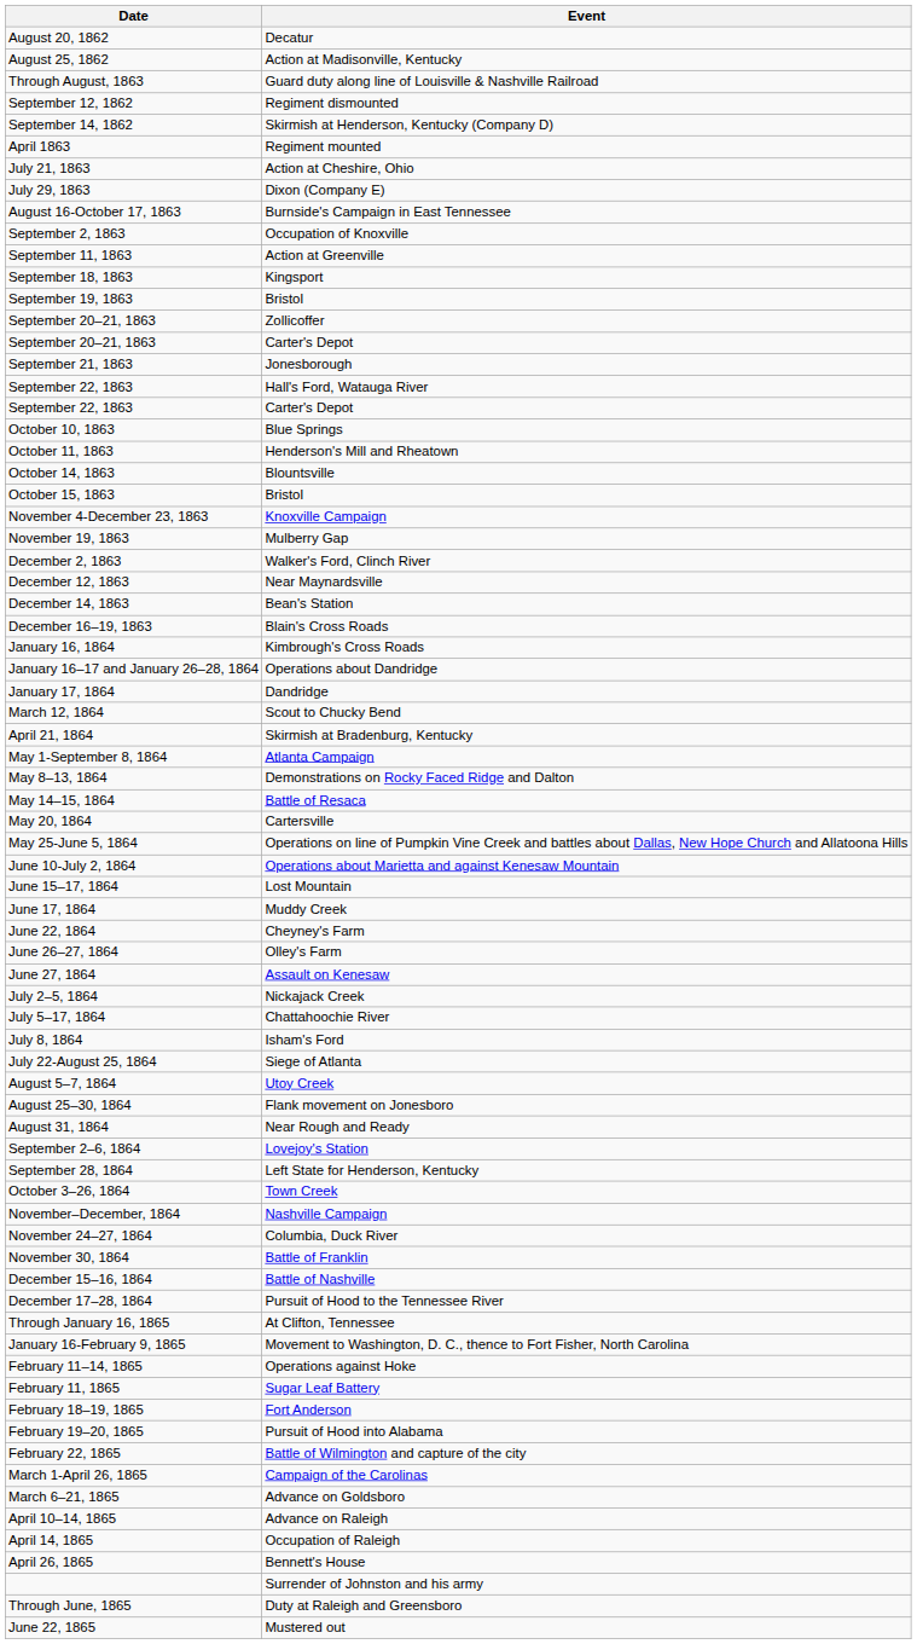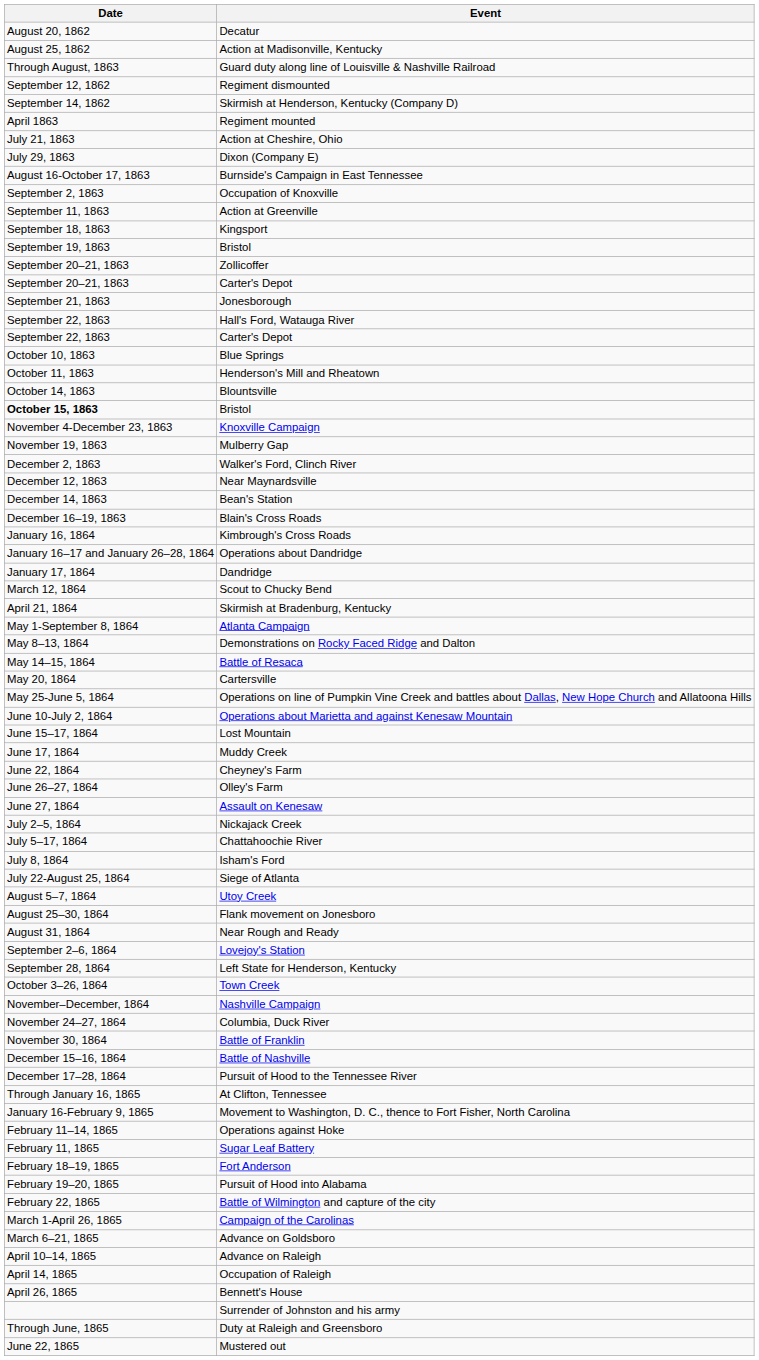 <table class="wikitable">
 <tr>
 <th>Date</th>
 <th>Event</th>
 </tr>
 <tr>
 <td>August 20, 1862</td>
 <td>Decatur</td>
 </tr>
 <tr>
 <td>August 25, 1862</td>
 <td>Action at Madisonville, Kentucky</td>
 </tr>
 <tr>
 <td>Through August, 1863</td>
 <td>Guard duty along line of Louisville & Nashville Railroad</td>
 </tr>
 <tr>
 <td>September 12, 1862</td>
 <td>Regiment dismounted</td>
 </tr>
 <tr>
 <td>September 14, 1862</td>
 <td>Skirmish at Henderson, Kentucky (Company D)</td>
 </tr>
 <tr>
 <td>April  1863</td>
 <td>Regiment mounted</td>
 </tr>
 <tr>
 <td>July 21, 1863</td>
 <td>Action at Cheshire, Ohio</td>
 </tr>
 <tr>
 <td>July 29, 1863</td>
 <td>Dixon (Company E)</td>
 </tr>
 <tr>
 <td>August 16-October 17, 1863</td>
 <td>Burnside's Campaign in East Tennessee</td>
 </tr>
 <tr>
 <td>September 2, 1863</td>
 <td>Occupation of Knoxville</td>
 </tr>
 <tr>
 <td>September 11, 1863</td>
 <td>Action at Greenville</td>
 </tr>
 <tr>
 <td>September 18, 1863</td>
 <td>Kingsport</td>
 </tr>
 <tr>
 <td>September 19, 1863</td>
 <td>Bristol</td>
 </tr>
 <tr>
 <td>September 20–21, 1863</td>
 <td>Zollicoffer</td>
 </tr>
 <tr>
 <td>September 20–21, 1863</td>
 <td>Carter's Depot</td>
 </tr>
 <tr>
 <td>September 21, 1863</td>
 <td>Jonesborough</td>
 </tr>
 <tr>
 <td>September 22, 1863</td>
 <td>Hall's Ford, Watauga River</td>
 </tr>
 <tr>
 <td>September 22, 1863</td>
 <td>Carter's Depot</td>
 </tr>
 <tr>
 <td>October 10, 1863</td>
 <td>Blue Springs</td>
 </tr>
 <tr>
 <td>October 11, 1863</td>
 <td>Henderson's Mill and Rheatown</td>
 </tr>
 <tr>
 <td>October 14, 1863</td>
 <td>Blountsville</td>
 </tr>
 <tr>
-<td>October 15, 1863</td>
+<td><strong>October 15, 1863</strong></td>
 <td>Bristol</td>
 </tr>
 <tr>
 <td>November 4-December 23, 1863</td>
 <td><a href='#'>Knoxville Campaign</a></td>
 </tr>
 <tr>
 <td>November 19, 1863</td>
 <td>Mulberry Gap</td>
 </tr>
 <tr>
 <td>December 2, 1863</td>
 <td>Walker's Ford, Clinch River</td>
 </tr>
 <tr>
 <td>December 12, 1863</td>
 <td>Near Maynardsville</td>
 </tr>
 <tr>
 <td>December 14, 1863</td>
 <td>Bean's Station</td>
 </tr>
 <tr>
 <td>December 16–19, 1863</td>
 <td>Blain's Cross Roads</td>
 </tr>
 <tr>
 <td>January 16, 1864</td>
 <td>Kimbrough's Cross Roads</td>
 </tr>
 <tr>
 <td>January 16–17 and January 26–28, 1864</td>
 <td>Operations about Dandridge</td>
 </tr>
 <tr>
 <td>January 17, 1864</td>
 <td>Dandridge</td>
 </tr>
 <tr>
 <td>March 12, 1864</td>
 <td>Scout to Chucky Bend</td>
 </tr>
 <tr>
 <td>April 21, 1864</td>
 <td>Skirmish at Bradenburg, Kentucky</td>
 </tr>
 <tr>
 <td>May 1-September 8, 1864</td>
 <td><a href='#'>Atlanta Campaign</a></td>
 </tr>
 <tr>
 <td>May 8–13, 1864</td>
 <td>Demonstrations on <a href='#'>Rocky Faced Ridge</a> and Dalton</td>
 </tr>
 <tr>
 <td>May 14–15, 1864</td>
 <td><a href='#'>Battle of Resaca</a></td>
 </tr>
 <tr>
 <td>May 20, 1864</td>
 <td>Cartersville</td>
 </tr>
 <tr>
 <td>May 25-June 5, 1864</td>
 <td>Operations on line of Pumpkin Vine Creek and battles about <a href='#'>Dallas</a>, <a href='#'>New Hope Church</a> and Allatoona Hills</td>
 </tr>
 <tr>
 <td>June 10-July 2, 1864</td>
 <td><a href='#'>Operations about Marietta and against Kenesaw Mountain</a></td>
 </tr>
 <tr>
 <td>June 15–17, 1864</td>
 <td>Lost Mountain</td>
 </tr>
 <tr>
 <td>June 17, 1864</td>
 <td>Muddy Creek</td>
 </tr>
 <tr>
 <td>June 22, 1864</td>
 <td>Cheyney's Farm</td>
 </tr>
 <tr>
 <td>June 26–27, 1864</td>
 <td>Olley's Farm</td>
 </tr>
 <tr>
 <td>June 27, 1864</td>
 <td><a href='#'>Assault on Kenesaw</a></td>
 </tr>
 <tr>
 <td>July 2–5, 1864</td>
 <td>Nickajack Creek</td>
 </tr>
 <tr>
 <td>July 5–17, 1864</td>
 <td>Chattahoochie River</td>
 </tr>
 <tr>
 <td>July 8, 1864</td>
 <td>Isham's Ford</td>
 </tr>
 <tr>
 <td>July 22-August 25, 1864</td>
 <td>Siege of Atlanta</td>
 </tr>
 <tr>
 <td>August 5–7, 1864</td>
 <td><a href='#'>Utoy Creek</a></td>
 </tr>
 <tr>
 <td>August 25–30, 1864</td>
 <td>Flank movement on Jonesboro</td>
 </tr>
 <tr>
 <td>August 31, 1864</td>
 <td>Near Rough and Ready</td>
 </tr>
 <tr>
 <td>September 2–6, 1864</td>
 <td><a href='#'>Lovejoy's Station</a></td>
 </tr>
 <tr>
 <td>September 28, 1864</td>
 <td>Left State for Henderson, Kentucky</td>
 </tr>
 <tr>
 <td>October 3–26, 1864</td>
 <td><a href='#'>Town Creek</a></td>
 </tr>
 <tr>
 <td>November–December, 1864</td>
 <td><a href='#'>Nashville Campaign</a></td>
 </tr>
 <tr>
 <td>November 24–27, 1864</td>
 <td>Columbia, Duck River</td>
 </tr>
 <tr>
 <td>November 30, 1864</td>
 <td><a href='#'>Battle of Franklin</a></td>
 </tr>
 <tr>
 <td>December 15–16, 1864</td>
 <td><a href='#'>Battle of Nashville</a></td>
 </tr>
 <tr>
 <td>December 17–28, 1864</td>
 <td>Pursuit of Hood to the Tennessee River</td>
 </tr>
 <tr>
 <td>Through January 16, 1865</td>
 <td>At Clifton, Tennessee</td>
 </tr>
 <tr>
 <td>January 16-February 9, 1865</td>
 <td>Movement to Washington, D. C., thence to Fort Fisher, North Carolina</td>
 </tr>
 <tr>
 <td>February 11–14, 1865</td>
 <td>Operations against Hoke</td>
 </tr>
 <tr>
 <td>February 11, 1865</td>
 <td><a href='#'>Sugar Leaf Battery</a></td>
 </tr>
 <tr>
 <td>February 18–19, 1865</td>
 <td><a href='#'>Fort Anderson</a></td>
 </tr>
 <tr>
 <td>February 19–20, 1865</td>
 <td>Pursuit of Hood into Alabama</td>
 </tr>
 <tr>
 <td>February 22, 1865</td>
 <td><a href='#'>Battle of Wilmington</a> and capture of the city</td>
 </tr>
 <tr>
 <td>March 1-April 26, 1865</td>
 <td><a href='#'>Campaign of the Carolinas</a></td>
 </tr>
 <tr>
 <td>March 6–21, 1865</td>
 <td>Advance on Goldsboro</td>
 </tr>
 <tr>
 <td>April 10–14, 1865</td>
 <td>Advance on Raleigh</td>
 </tr>
 <tr>
 <td>April 14, 1865</td>
 <td>Occupation of Raleigh</td>
 </tr>
 <tr>
 <td>April 26, 1865</td>
 <td>Bennett's House</td>
 </tr>
 <tr>
 <td></td>
 <td>Surrender of Johnston and his army</td>
 </tr>
 <tr>
 <td>Through June, 1865</td>
 <td>Duty at Raleigh and Greensboro</td>
 </tr>
 <tr>
 <td>June 22, 1865</td>
 <td>Mustered out</td>
 </tr>
 </table>
